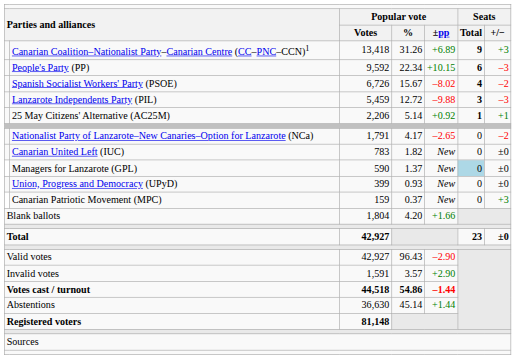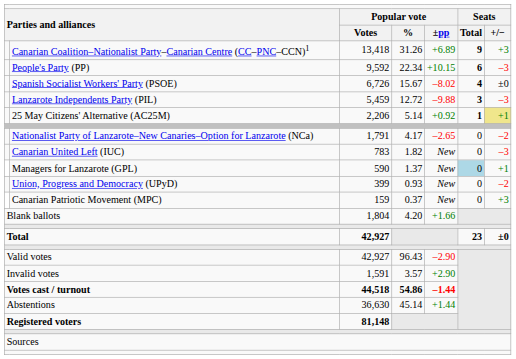 <table class="wikitable" style="text-align:right;">
 <tr>
 <td colspan="7"></td>
 </tr>
 <tr>
 <th style="text-align:left;" rowspan="2" colspan="2" width="525">Parties and alliances</th>
 <th colspan="3">Popular vote</th>
 <th colspan="2">Seats</th>
 </tr>
 <tr>
 <th width="75">Votes</th>
 <th width="45">%</th>
 <th width="45">±<a href='#'>pp</a></th>
 <th width="35">Total</th>
 <th width="35">+/−</th>
 </tr>
 <tr>
 <td width="1" style="color:inherit;background:"></td>
 <td align="left"><a href='#'>Canarian Coalition–Nationalist Party</a>–<a href='#'>Canarian Centre</a> (<a href='#'>CC</a>–<a href='#'>PNC</a>–CCN)<sup>1</sup></td>
 <td>13,418</td>
 <td>31.26</td>
 <td style="color:green;">+6.89</td>
 <td><strong>9</strong></td>
 <td style="color:green;">+3</td>
 </tr>
 <tr>
 <td style="color:inherit;background:"></td>
 <td align="left"><a href='#'>People's Party</a> (PP)</td>
 <td>9,592</td>
 <td>22.34</td>
 <td style="color:green;">+10.15</td>
 <td><strong>6</strong></td>
 <td style="color:red;">–3</td>
 </tr>
 <tr>
 <td style="color:inherit;background:"></td>
 <td align="left"><a href='#'>Spanish Socialist Workers' Party</a> (PSOE)</td>
 <td>6,726</td>
 <td>15.67</td>
 <td style="color:red;">–8.02</td>
 <td><strong>4</strong></td>
-<td style="color:red;">–2</td>
+<td>±0</td>
 </tr>
 <tr>
 <td style="color:inherit;background:"></td>
 <td align="left"><a href='#'>Lanzarote Independents Party</a> (PIL)</td>
 <td>5,459</td>
 <td>12.72</td>
 <td style="color:red;">–9.88</td>
 <td><strong>3</strong></td>
 <td style="color:red;">–3</td>
 </tr>
 <tr>
 <td style="color:inherit;background:"></td>
 <td align="left">25 May Citizens' Alternative (AC25M)</td>
 <td>2,206</td>
 <td>5.14</td>
 <td style="color:green;">+0.92</td>
 <td><strong>1</strong></td>
-<td style="color:green;">+1</td>
+<td style="background: khaki; color:green;">+1</td>
 </tr>
 <tr>
 <td colspan="7" bgcolor="#C0C0C0"></td>
 </tr>
 <tr>
 <td style="color:inherit;background:"></td>
 <td align="left"><a href='#'>Nationalist Party of Lanzarote–New Canaries–Option for Lanzarote</a> (NCa)</td>
 <td>1,791</td>
 <td>4.17</td>
 <td style="color:red;">–2.65</td>
 <td>0</td>
 <td style="color:red;">–2</td>
 </tr>
 <tr>
 <td style="color:inherit;background:"></td>
 <td align="left"><a href='#'>Canarian United Left</a> (IUC)</td>
 <td>783</td>
 <td>1.82</td>
 <td><em>New</em></td>
 <td>0</td>
-<td>±0</td>
+<td style="color:red;">–3</td>
 </tr>
 <tr>
 <td bgcolor="white"></td>
 <td align="left">Managers for Lanzarote (GPL)</td>
 <td>590</td>
 <td>1.37</td>
 <td><em>New</em></td>
 <td style="background: lightblue;">0</td>
-<td>±0</td>
+<td style="color:green;">+1</td>
 </tr>
 <tr>
 <td style="color:inherit;background:"></td>
 <td align="left"><a href='#'>Union, Progress and Democracy</a> (UPyD)</td>
 <td>399</td>
 <td>0.93</td>
 <td><em>New</em></td>
 <td>0</td>
-<td>±0</td>
+<td style="color:red;">–2</td>
 </tr>
 <tr>
 <td bgcolor="white"></td>
 <td align="left">Canarian Patriotic Movement (MPC)</td>
 <td>159</td>
 <td>0.37</td>
 <td><em>New</em></td>
 <td>0</td>
 <td style="color:green;">+3</td>
 </tr>
 <tr>
 <td align="left" colspan="2">Blank ballots</td>
 <td>1,804</td>
 <td>4.20</td>
 <td style="color:green;">+1.66</td>
 <td bgcolor="#E9E9E9" colspan="2"></td>
 </tr>
 <tr>
 <td colspan="7" bgcolor="#E9E9E9"></td>
 </tr>
 <tr style="font-weight:bold;">
 <td align="left" colspan="2">Total</td>
 <td>42,927</td>
 <td bgcolor="#E9E9E9" colspan="2"></td>
 <td>23</td>
 <td>±0</td>
 </tr>
 <tr>
 <td colspan="7" bgcolor="#E9E9E9"></td>
 </tr>
 <tr>
 <td align="left" colspan="2">Valid votes</td>
 <td>42,927</td>
 <td>96.43</td>
 <td style="color:red;">–2.90</td>
 <td bgcolor="#E9E9E9" colspan="2" rowspan="5"></td>
 </tr>
 <tr>
 <td align="left" colspan="2">Invalid votes</td>
 <td>1,591</td>
 <td>3.57</td>
 <td style="color:green;">+2.90</td>
 </tr>
 <tr style="font-weight:bold;">
 <td align="left" colspan="2">Votes cast / turnout</td>
 <td>44,518</td>
 <td>54.86</td>
 <td style="color:red;">–1.44</td>
 </tr>
 <tr>
 <td align="left" colspan="2">Abstentions</td>
 <td>36,630</td>
 <td>45.14</td>
 <td style="color:green;">+1.44</td>
 </tr>
 <tr style="font-weight:bold;">
 <td align="left" colspan="2">Registered voters</td>
 <td>81,148</td>
 <td bgcolor="#E9E9E9" colspan="2"></td>
 </tr>
 <tr>
 <td colspan="7" bgcolor="#E9E9E9"></td>
 </tr>
 <tr>
 <td align="left" colspan="7">Sources</td>
 </tr>
 <tr>
 <td colspan="7" style="text-align:left; max-width:790px;"></td>
 </tr>
 </table>
